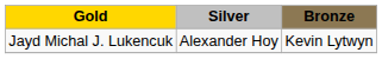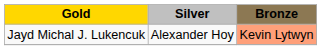 <table class="wikitable">
 <tr>
 <th style="background-color:#FFD700">Gold</th>
 <th style="background-color:#C0C0C0">Silver</th>
 <th style="background-color:#8C7853">Bronze</th>
 </tr>
 <tr>
 <td> Jayd Michal J. Lukencuk</td>
 <td> Alexander Hoy</td>
-<td> Kevin Lytwyn</td>
+<td style="background: lightsalmon;"> Kevin Lytwyn</td>
 </tr>
 <tr>
 </tr>
 </table>
